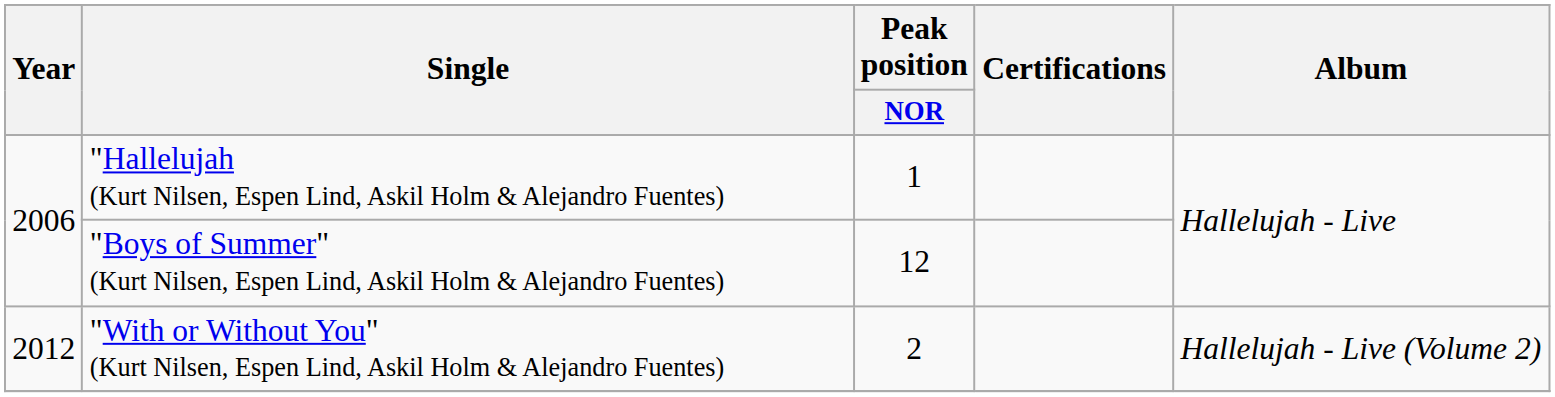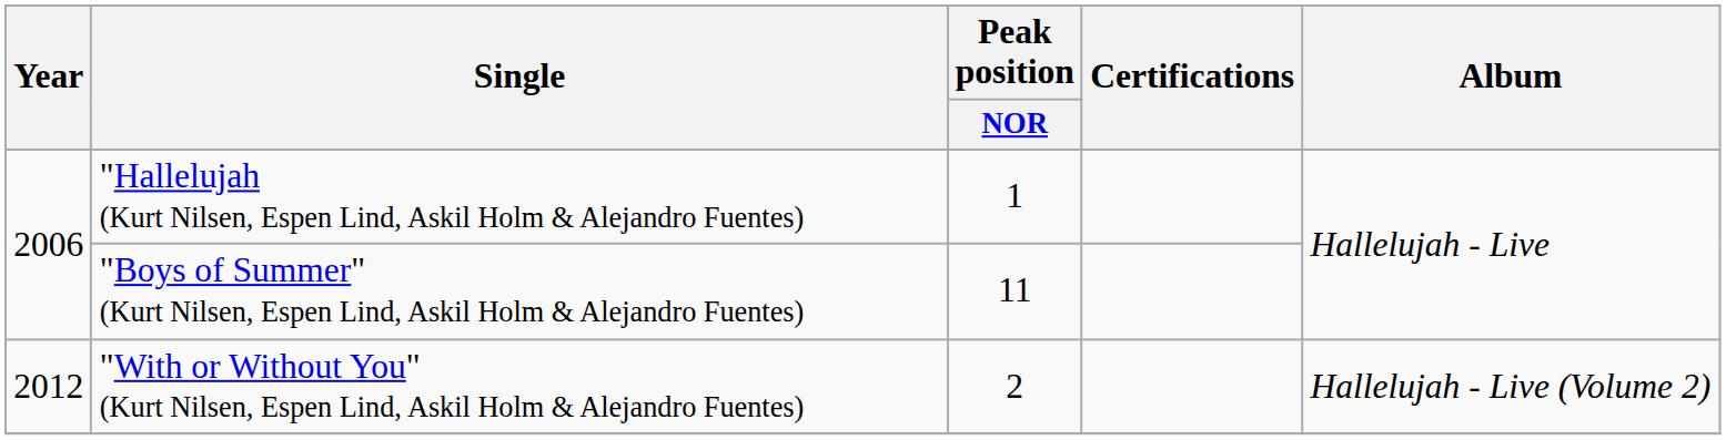 <table class="wikitable plainrowheaders" style="text-align:center;">
 <tr>
 <th scope="col" rowspan="2">Year</th>
 <th scope="col" rowspan="2" style="width:24em;">Single</th>
 <th scope="col">Peak position</th>
 <th scope="col" rowspan="2">Certifications</th>
 <th scope="col" rowspan="2">Album</th>
 </tr>
 <tr>
 <th scope="col" style="width:3em;font-size:85%;"><a href='#'>NOR</a><br></th>
 </tr>
 <tr>
 <td rowspan=2>2006</td>
 <td style="text-align:left;">"<a href='#'>Hallelujah</a> <br><small>(Kurt Nilsen, Espen Lind, Askil Holm & Alejandro Fuentes)</small></td>
 <td>1</td>
 <td style="text-align:left;"></td>
 <td style="text-align:left;" rowspan=2><em>Hallelujah - Live</em></td>
 </tr>
 <tr>
 <td style="text-align:left;">"<a href='#'>Boys of Summer</a>" <br><small>(Kurt Nilsen, Espen Lind, Askil Holm & Alejandro Fuentes)</small></td>
-<td>12</td>
+<td>11</td>
 <td style="text-align:left;"></td>
 </tr>
 <tr>
 <td>2012</td>
 <td style="text-align:left;">"<a href='#'>With or Without You</a>" <br><small>(Kurt Nilsen, Espen Lind, Askil Holm & Alejandro Fuentes)</small></td>
 <td>2</td>
 <td style="text-align:left;"></td>
 <td style="text-align:left;"><em>Hallelujah - Live (Volume 2) </em></td>
 </tr>
 <tr>
 </tr>
 </table>
